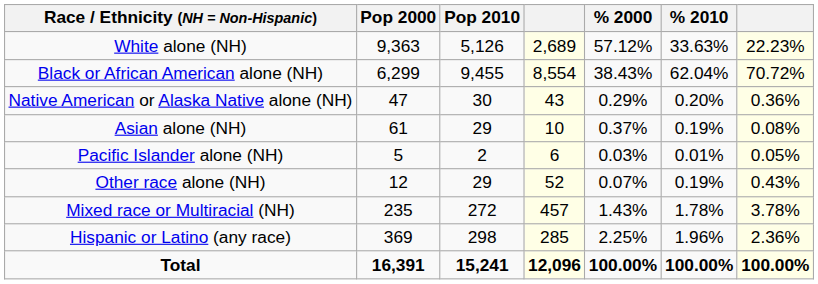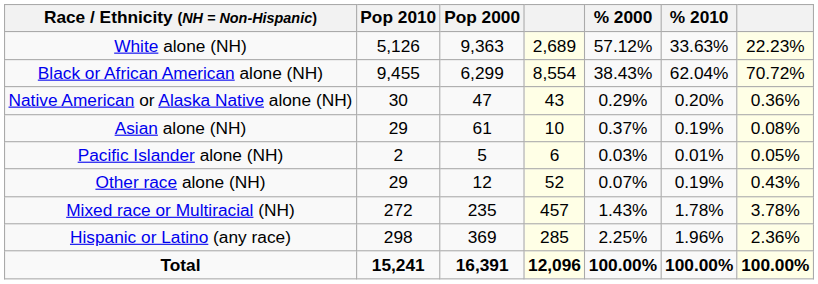 <table class="wikitable" style="text-align:center;">
 <tr>
 <th>Race / Ethnicity <small>(<em>NH = Non-Hispanic</em>)</small></th>
+<th>Pop 2010</th>
 <th>Pop 2000</th>
-<th>Pop 2010</th>
 <th></th>
 <th>% 2000</th>
 <th>% 2010</th>
 <th></th>
 </tr>
 <tr>
 <td><a href='#'>White</a> alone (NH)</td>
+<td>5,126</td>
 <td>9,363</td>
-<td>5,126</td>
 <td style='background: #ffffe6;'>2,689</td>
 <td>57.12%</td>
 <td>33.63%</td>
 <td style='background: #ffffe6;'>22.23%</td>
 </tr>
 <tr>
 <td><a href='#'>Black or African American</a> alone (NH)</td>
+<td>9,455</td>
 <td>6,299</td>
-<td>9,455</td>
 <td style='background: #ffffe6;'>8,554</td>
 <td>38.43%</td>
 <td>62.04%</td>
 <td style='background: #ffffe6;'>70.72%</td>
 </tr>
 <tr>
 <td><a href='#'>Native American</a> or <a href='#'>Alaska Native</a> alone (NH)</td>
+<td>30</td>
 <td>47</td>
-<td>30</td>
 <td style='background: #ffffe6;'>43</td>
 <td>0.29%</td>
 <td>0.20%</td>
 <td style='background: #ffffe6;'>0.36%</td>
 </tr>
 <tr>
 <td><a href='#'>Asian</a> alone (NH)</td>
+<td>29</td>
 <td>61</td>
-<td>29</td>
 <td style='background: #ffffe6;'>10</td>
 <td>0.37%</td>
 <td>0.19%</td>
 <td style='background: #ffffe6;'>0.08%</td>
 </tr>
 <tr>
 <td><a href='#'>Pacific Islander</a> alone (NH)</td>
+<td>2</td>
 <td>5</td>
-<td>2</td>
 <td style='background: #ffffe6;'>6</td>
 <td>0.03%</td>
 <td>0.01%</td>
 <td style='background: #ffffe6;'>0.05%</td>
 </tr>
 <tr>
 <td><a href='#'>Other race</a> alone (NH)</td>
+<td>29</td>
 <td>12</td>
-<td>29</td>
 <td style='background: #ffffe6;'>52</td>
 <td>0.07%</td>
 <td>0.19%</td>
 <td style='background: #ffffe6;'>0.43%</td>
 </tr>
 <tr>
 <td><a href='#'>Mixed race or Multiracial</a> (NH)</td>
+<td>272</td>
 <td>235</td>
-<td>272</td>
 <td style='background: #ffffe6;'>457</td>
 <td>1.43%</td>
 <td>1.78%</td>
 <td style='background: #ffffe6;'>3.78%</td>
 </tr>
 <tr>
 <td><a href='#'>Hispanic or Latino</a> (any race)</td>
+<td>298</td>
 <td>369</td>
-<td>298</td>
 <td style='background: #ffffe6;'>285</td>
 <td>2.25%</td>
 <td>1.96%</td>
 <td style='background: #ffffe6;'>2.36%</td>
 </tr>
 <tr>
 <td><strong>Total</strong></td>
+<td><strong>15,241</strong></td>
 <td><strong>16,391</strong></td>
-<td><strong>15,241</strong></td>
 <td style='background: #ffffe6;'><strong>12,096</strong></td>
 <td><strong>100.00%</strong></td>
 <td><strong>100.00%</strong></td>
 <td style='background: #ffffe6;'><strong>100.00%</strong></td>
 </tr>
 </table>
